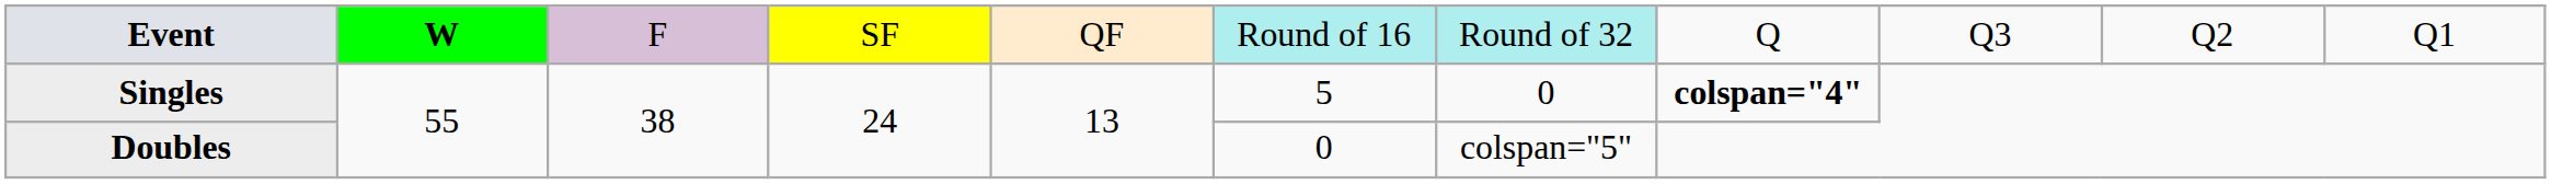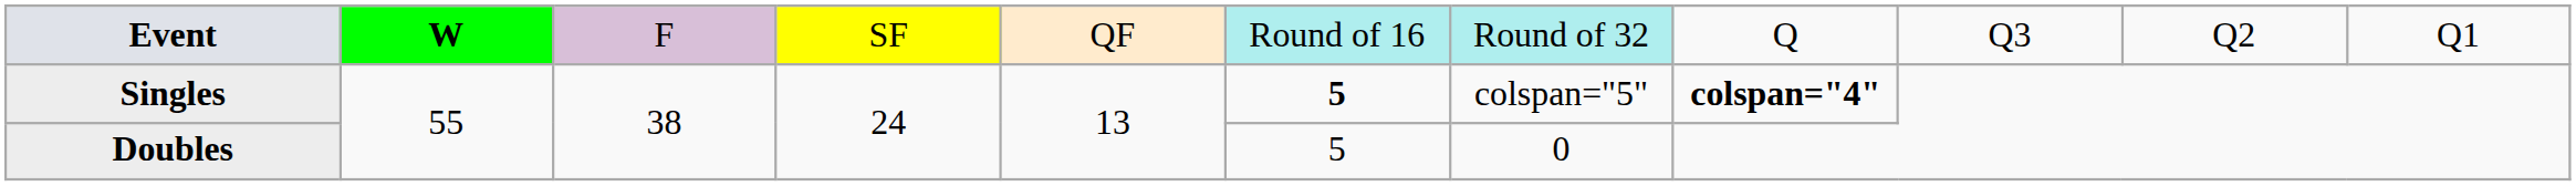 <table class=wikitable style=font-size:90%;text-align:center>
 <tr>
 <td style="width:130px; background:#dfe2e9;"><strong>Event</strong></td>
 <td style="width:80px; background:lime;"><strong>W</strong></td>
 <td style="width:85px; background:thistle;">F</td>
 <td style="width:85px; background:#ff0;">SF</td>
 <td style="width:85px; background:#ffebcd;">QF</td>
 <td style="width:85px; background:#afeeee;">Round of 16</td>
 <td style="width:85px; background:#afeeee;">Round of 32</td>
 <td width=85>Q</td>
 <td width=85>Q3</td>
 <td width=85>Q2</td>
 <td width=85>Q1</td>
 </tr>
 <tr>
 <th style="background:#ededed;">Singles</th>
 <td rowspan=2>55</td>
 <td rowspan=2>38</td>
 <td rowspan=2>24</td>
 <td rowspan=2>13</td>
-<td>5</td>
-<td>0</td>
+<td><strong>5</strong></td>
+<td>colspan="5" </td>
 <td><strong>colspan="4" </strong></td>
 </tr>
 <tr>
 <th style="background:#ededed;">Doubles</th>
+<td>5</td>
 <td>0</td>
-<td>colspan="5" </td>
 </tr>
 </table>
